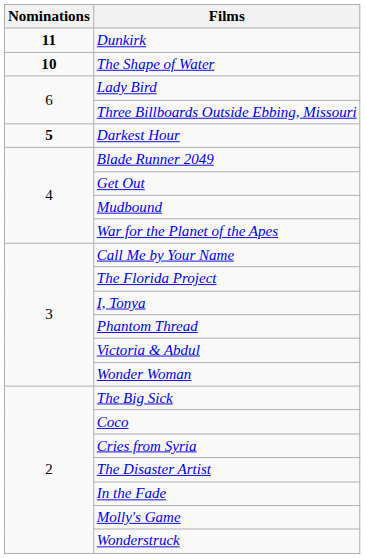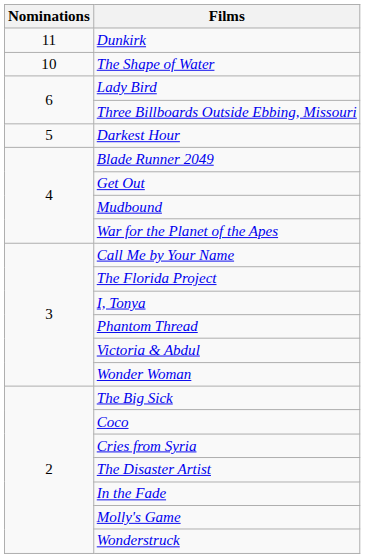 <table class="wikitable">
 <tr>
 <th>Nominations</th>
 <th>Films</th>
 </tr>
 <tr>
-<td align="center"><strong>11</strong></td>
+<td align="center">11</td>
 <td><em><a href='#'>Dunkirk</a></em></td>
 </tr>
 <tr>
-<td align="center"><strong>10</strong></td>
+<td align="center">10</td>
 <td><em><a href='#'>The Shape of Water</a></em></td>
 </tr>
 <tr>
 <td rowspan="2" align="center">6</td>
 <td><em><a href='#'>Lady Bird</a></em></td>
 </tr>
 <tr>
 <td><em><a href='#'>Three Billboards Outside Ebbing, Missouri</a></em></td>
 </tr>
 <tr>
-<td align="center"><strong>5</strong></td>
+<td align="center">5</td>
 <td><em><a href='#'>Darkest Hour</a></em></td>
 </tr>
 <tr>
 <td rowspan="4" align="center">4</td>
 <td><em><a href='#'>Blade Runner 2049</a></em></td>
 </tr>
 <tr>
 <td><em><a href='#'>Get Out</a></em></td>
 </tr>
 <tr>
 <td><em><a href='#'>Mudbound</a></em></td>
 </tr>
 <tr>
 <td><em><a href='#'>War for the Planet of the Apes</a></em></td>
 </tr>
 <tr>
 <td rowspan="6" align="center">3</td>
 <td><em><a href='#'>Call Me by Your Name</a></em></td>
 </tr>
 <tr>
 <td><em><a href='#'>The Florida Project</a></em></td>
 </tr>
 <tr>
 <td><em><a href='#'>I, Tonya</a></em></td>
 </tr>
 <tr>
 <td><em><a href='#'>Phantom Thread</a></em></td>
 </tr>
 <tr>
 <td><em><a href='#'>Victoria & Abdul</a></em></td>
 </tr>
 <tr>
 <td><em><a href='#'>Wonder Woman</a></em></td>
 </tr>
 <tr>
 <td rowspan="7" align="center">2</td>
 <td><em><a href='#'>The Big Sick</a></em></td>
 </tr>
 <tr>
 <td><em><a href='#'>Coco</a></em></td>
 </tr>
 <tr>
 <td><em><a href='#'>Cries from Syria</a></em></td>
 </tr>
 <tr>
 <td><em><a href='#'>The Disaster Artist</a></em></td>
 </tr>
 <tr>
 <td><em><a href='#'>In the Fade</a></em></td>
 </tr>
 <tr>
 <td><em><a href='#'>Molly's Game</a></em></td>
 </tr>
 <tr>
 <td><em><a href='#'>Wonderstruck</a></em></td>
 </tr>
 </table>
